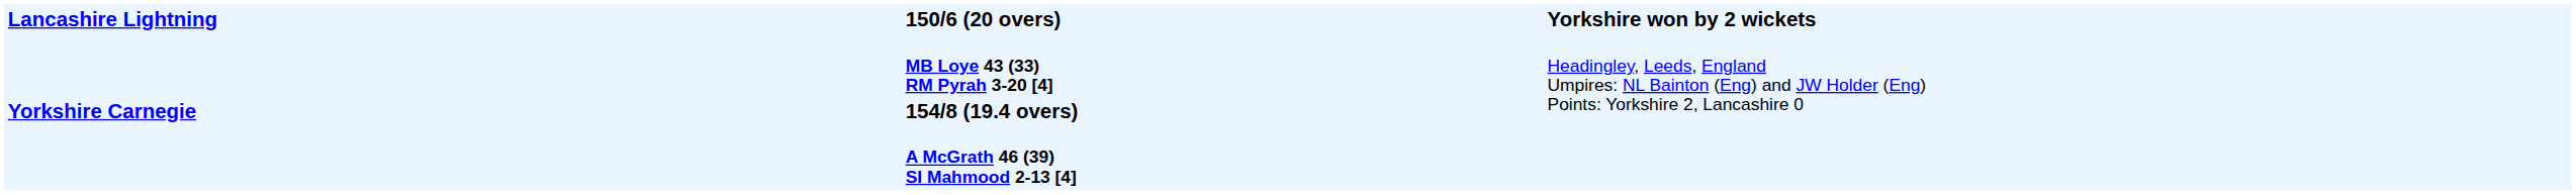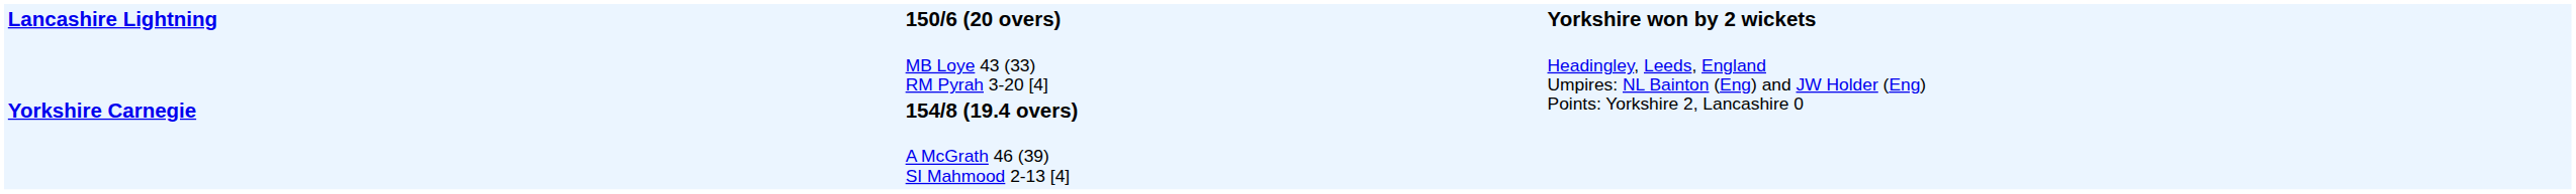 <table style="width:100%; background:#ebf5ff;">
 <tr>
 <td style="width:35%; vertical-align:top;" rowspan="2"><strong><a href='#'>Lancashire Lightning</a></strong></td>
 <td style="width:25%;"><strong>150/6 (20 overs)</strong></td>
 <td style="width:40%;"><strong>Yorkshire won by 2 wickets</strong></td>
 </tr>
 <tr>
-<td style="font-size: 85%;"><strong><br><a href='#'>MB Loye</a> 43 (33)<br> <a href='#'>RM Pyrah</a> 3-20 [4]</strong></td>
+<td style="font-size: 85%;"><br><a href='#'>MB Loye</a> 43 (33)<br> <a href='#'>RM Pyrah</a> 3-20 [4]</td>
 <td style="vertical-align:top; font-size:85%;" rowspan="3"><br><a href='#'>Headingley</a>, <a href='#'>Leeds</a>, <a href='#'>England</a><br> Umpires: <a href='#'>NL Bainton</a> (<a href='#'>Eng</a>) and <a href='#'>JW Holder</a> (<a href='#'>Eng</a>)<br> Points: Yorkshire 2, Lancashire 0</td>
 </tr>
 <tr>
 <td style="vertical-align:top;" rowspan="2"><strong><a href='#'>Yorkshire Carnegie</a></strong></td>
 <td><strong>154/8 (19.4 overs)</strong></td>
 </tr>
 <tr>
-<td style="font-size: 85%;"><strong><br><a href='#'>A McGrath</a> 46 (39)<br> <a href='#'>SI Mahmood</a> 2-13 [4]</strong></td>
+<td style="font-size: 85%;"><br><a href='#'>A McGrath</a> 46 (39)<br> <a href='#'>SI Mahmood</a> 2-13 [4]</td>
 </tr>
 </table>
